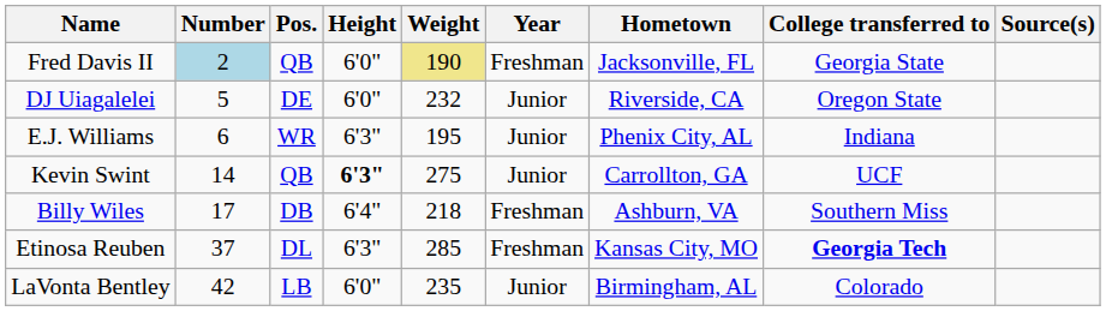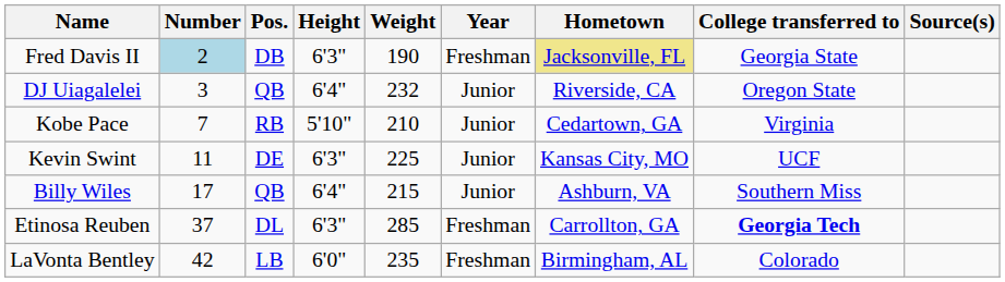 <table class="wikitable sortable" border="1" style="text-align: center;">
 <tr align=center>
 <th>Name</th>
 <th>Number</th>
 <th>Pos.</th>
 <th>Height</th>
 <th>Weight</th>
 <th>Year</th>
 <th>Hometown</th>
 <th>College transferred to</th>
 <th>Source(s)</th>
 </tr>
 <tr>
 <td>Fred Davis II</td>
 <td style="background: lightblue;">2</td>
-<td><a href='#'>QB</a></td>
-<td>6'0"</td>
-<td style="background: khaki;">190</td>
+<td><a href='#'>DB</a></td>
+<td>6'3"</td>
+<td>190</td>
 <td> Freshman</td>
-<td><a href='#'>Jacksonville, FL</a></td>
+<td style="background: khaki;"><a href='#'>Jacksonville, FL</a></td>
 <td><a href='#'>Georgia State</a></td>
 <td></td>
 </tr>
 <tr>
 <td><a href='#'>DJ Uiagalelei</a></td>
-<td>5</td>
-<td><a href='#'>DE</a></td>
-<td>6'0"</td>
+<td>3</td>
+<td><a href='#'>QB</a></td>
+<td>6'4"</td>
 <td>232</td>
 <td>Junior</td>
 <td><a href='#'>Riverside, CA</a></td>
 <td><a href='#'>Oregon State</a></td>
 <td></td>
 </tr>
 <tr>
-<td>E.J. Williams</td>
-<td>6</td>
-<td><a href='#'>WR</a></td>
-<td>6'3"</td>
-<td>195</td>
+<td>Kobe Pace</td>
+<td>7</td>
+<td><a href='#'>RB</a></td>
+<td>5'10"</td>
+<td>210</td>
 <td>Junior</td>
-<td><a href='#'>Phenix City, AL</a></td>
-<td><a href='#'>Indiana</a></td>
+<td><a href='#'>Cedartown, GA</a></td>
+<td><a href='#'>Virginia</a></td>
 <td></td>
 </tr>
 <tr>
 <td>Kevin Swint</td>
-<td>14</td>
-<td><a href='#'>QB</a></td>
-<td><strong>6'3"</strong></td>
-<td>275</td>
+<td>11</td>
+<td><a href='#'>DE</a></td>
+<td>6'3"</td>
+<td>225</td>
 <td>Junior</td>
-<td><a href='#'>Carrollton, GA</a></td>
+<td><a href='#'>Kansas City, MO</a></td>
 <td><a href='#'>UCF</a></td>
 <td></td>
 </tr>
 <tr>
 <td><a href='#'>Billy Wiles</a></td>
 <td>17</td>
-<td><a href='#'>DB</a></td>
+<td><a href='#'>QB</a></td>
 <td>6'4"</td>
-<td>218</td>
-<td> Freshman</td>
+<td>215</td>
+<td> Junior</td>
 <td><a href='#'>Ashburn, VA</a></td>
 <td><a href='#'>Southern Miss</a></td>
 <td></td>
 </tr>
 <tr>
 <td>Etinosa Reuben</td>
 <td>37</td>
 <td><a href='#'>DL</a></td>
 <td>6'3"</td>
 <td>285</td>
 <td> Freshman</td>
-<td><a href='#'>Kansas City, MO</a></td>
+<td><a href='#'>Carrollton, GA</a></td>
 <td><strong><a href='#'>Georgia Tech</a></strong></td>
 <td></td>
 </tr>
 <tr>
 <td>LaVonta Bentley</td>
 <td>42</td>
 <td><a href='#'>LB</a></td>
 <td>6'0"</td>
 <td>235</td>
-<td> Junior</td>
+<td> Freshman</td>
 <td><a href='#'>Birmingham, AL</a></td>
 <td><a href='#'>Colorado</a></td>
 <td></td>
 </tr>
 </table>
